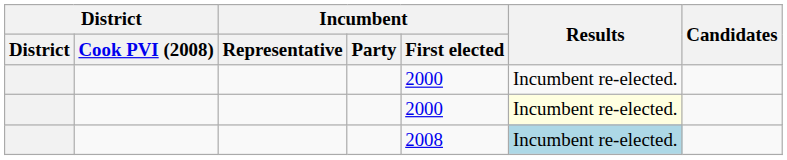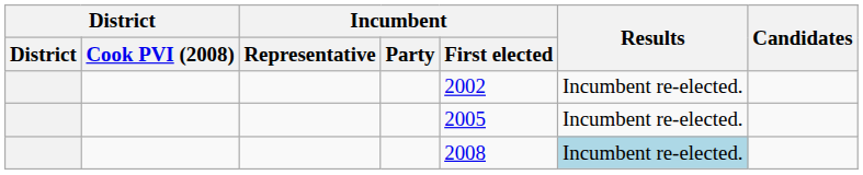 <table class="wikitable sortable">
 <tr>
 <th colspan=2>District</th>
 <th colspan=3>Incumbent</th>
 <th rowspan=2>Results</th>
 <th rowspan=2>Candidates</th>
 </tr>
 <tr valign=bottom>
 <th>District</th>
 <th><a href='#'>Cook PVI</a> (2008)</th>
 <th>Representative</th>
 <th>Party</th>
 <th>First elected</th>
 </tr>
 <tr>
 <th></th>
 <td></td>
 <td></td>
 <td></td>
-<td><a href='#'>2000</a></td>
+<td><a href='#'>2002</a></td>
 <td>Incumbent re-elected.</td>
 <td nowrap></td>
 </tr>
 <tr>
 <th></th>
 <td></td>
 <td></td>
 <td></td>
-<td><a href='#'>2000</a></td>
-<td style="background: lightyellow;">Incumbent re-elected.</td>
+<td><a href='#'>2005</a></td>
+<td>Incumbent re-elected.</td>
 <td nowrap><br></td>
 </tr>
 <tr>
 <th></th>
 <td></td>
 <td></td>
 <td></td>
 <td><a href='#'>2008</a></td>
 <td style="background: lightblue;">Incumbent re-elected.</td>
 <td nowrap></td>
 </tr>
 </table>
